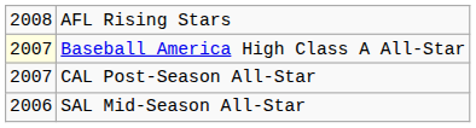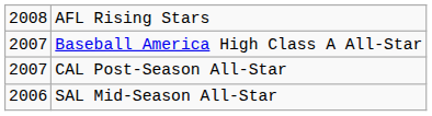 <table class="wikitable">
 <tr>
 <td>2008</td>
 <td>AFL Rising Stars</td>
 </tr>
 <tr>
-<td style="background: lightyellow;">2007</td>
+<td>2007</td>
 <td><a href='#'>Baseball America</a> High Class A All-Star</td>
 </tr>
 <tr>
 <td>2007</td>
 <td>CAL Post-Season All-Star</td>
 </tr>
 <tr>
 <td>2006</td>
 <td>SAL Mid-Season All-Star</td>
 </tr>
 </table>
